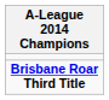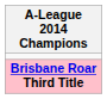 <table class="wikitable" style="text-align: center; margin: 0 auto; width: 20%">
 <tr>
 <th>A-League<br>2014 Champions</th>
 </tr>
 <tr>
 <td></td>
 </tr>
 <tr>
-<td><strong><a href='#'>Brisbane Roar</a></strong><br><strong>Third Title</strong></td>
+<td style="background: pink;"><strong><a href='#'>Brisbane Roar</a></strong><br><strong>Third Title</strong></td>
 </tr>
 </table>
